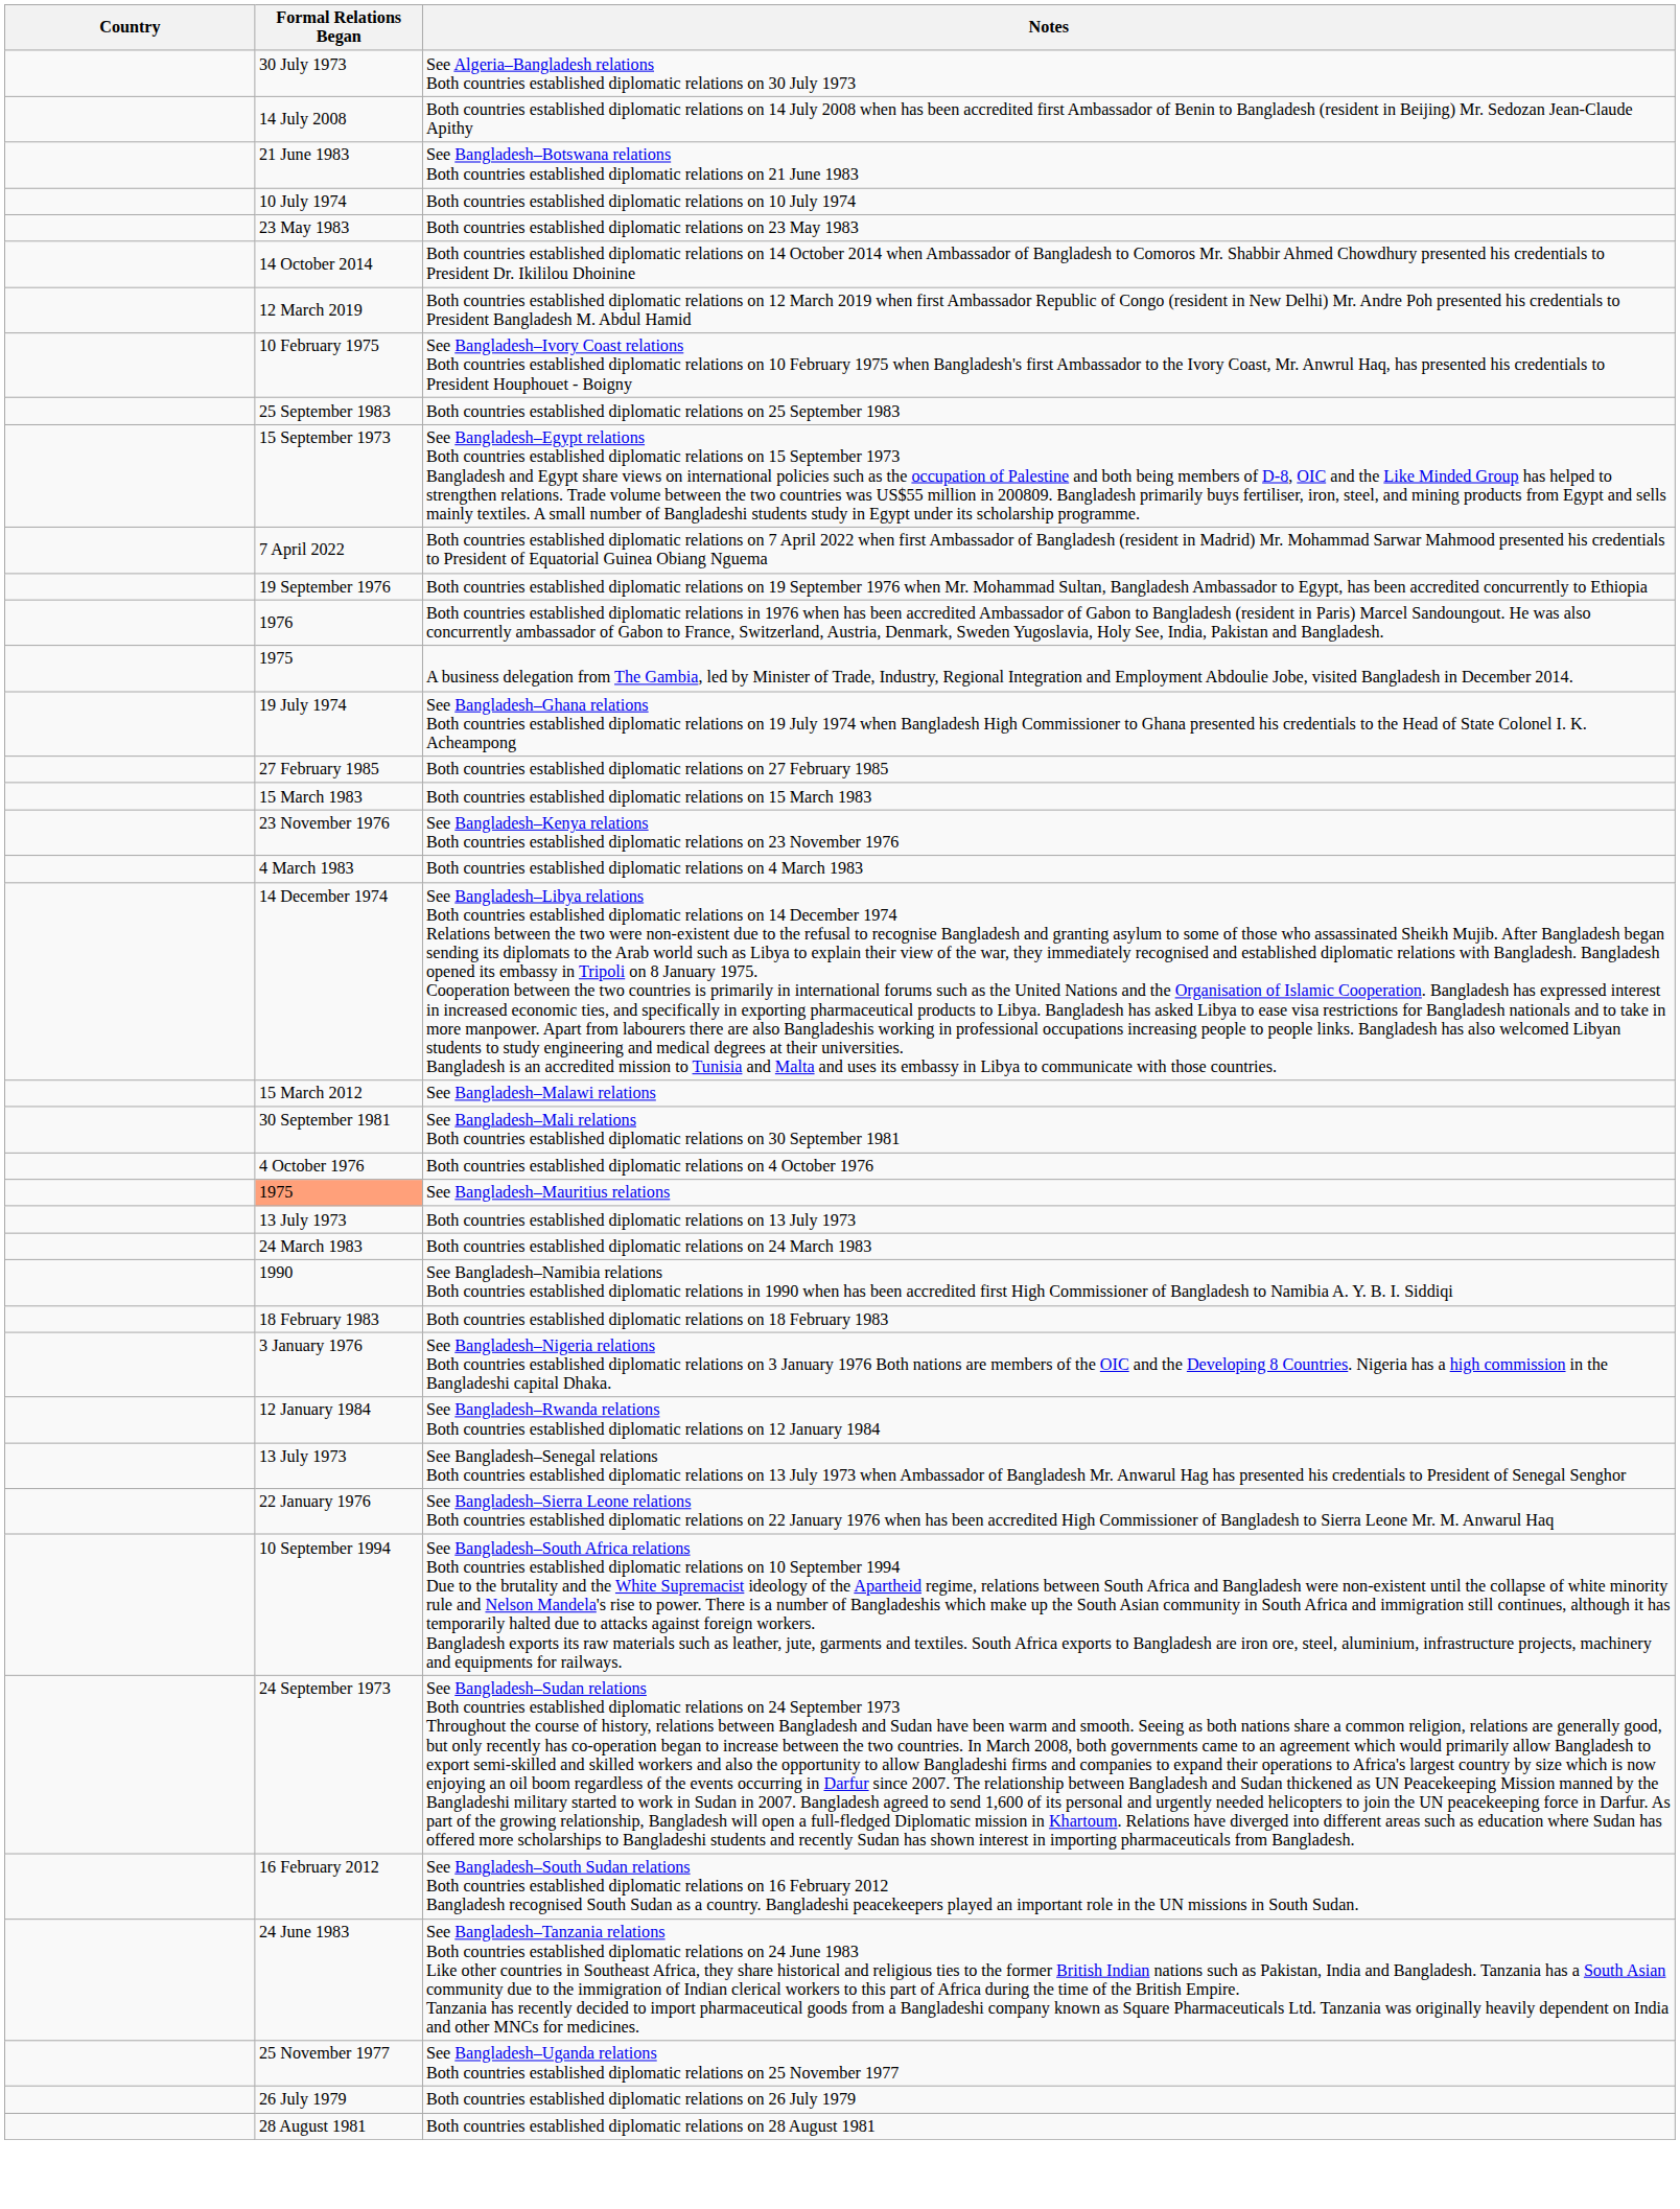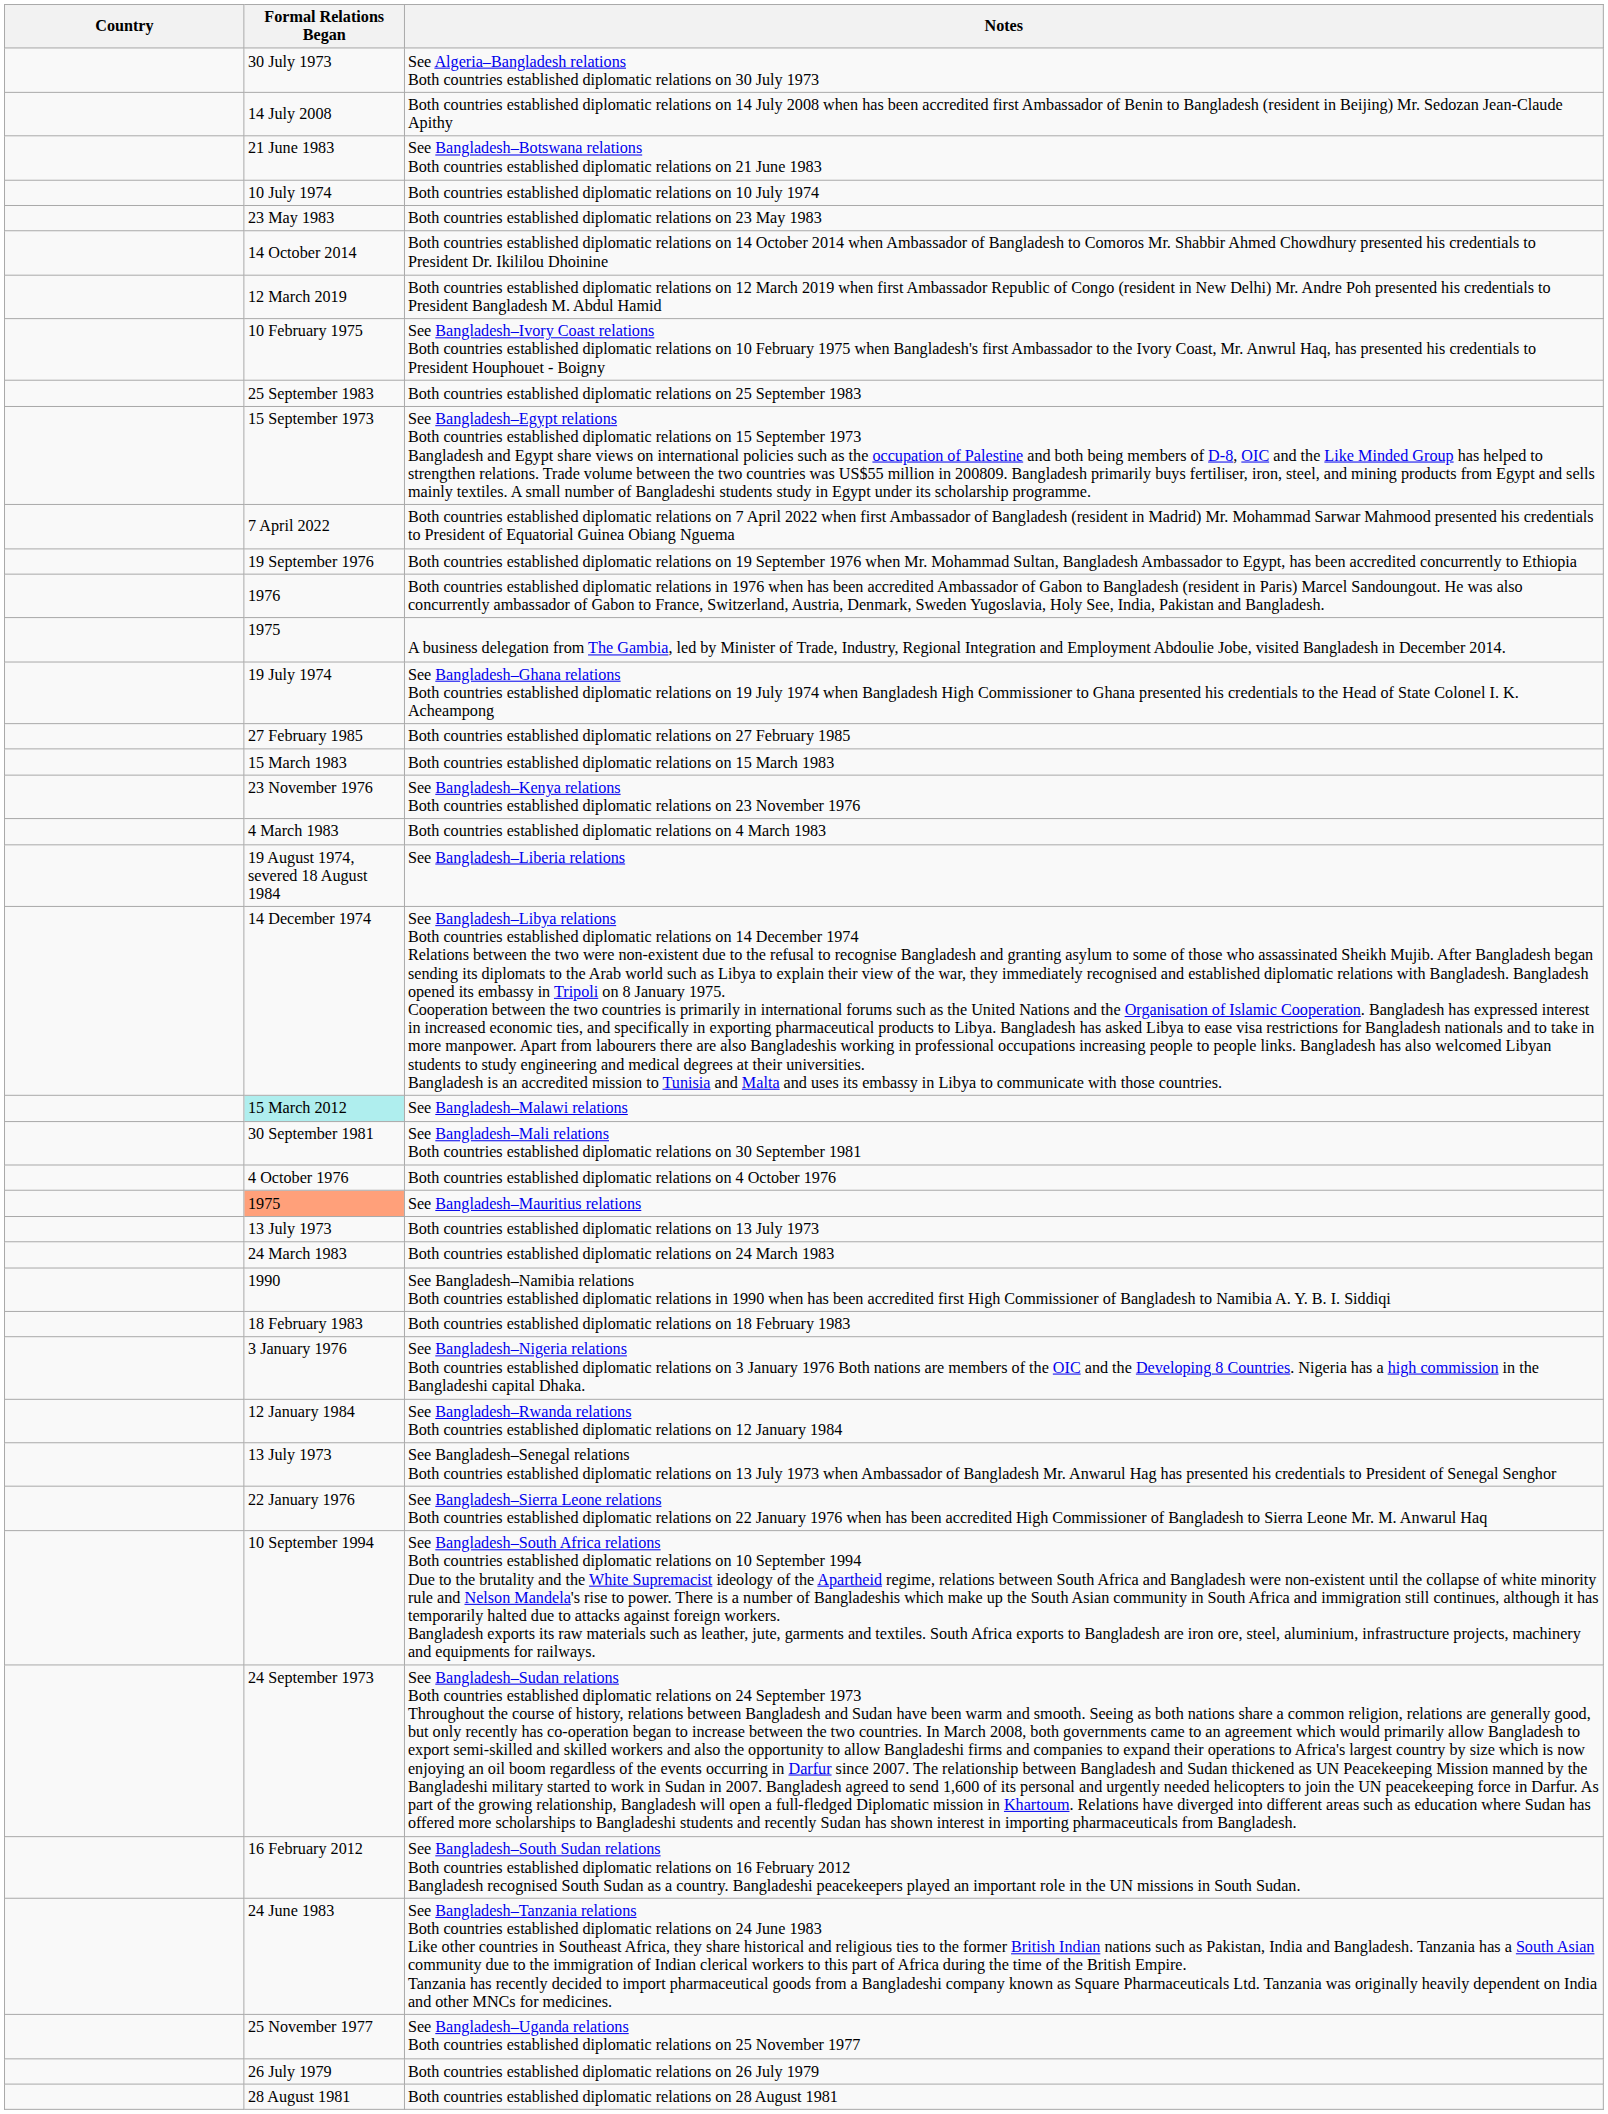 <table class="wikitable sortable" style="width:100%; margin:auto;">
 <tr>
 <th style="width:15%;">Country</th>
 <th style="width:10%;">Formal Relations Began</th>
 <th>Notes</th>
 </tr>
 <tr valign="top">
 <td></td>
 <td>30 July 1973</td>
 <td>See <a href='#'>Algeria–Bangladesh relations</a><br>Both countries established diplomatic relations on 30 July 1973</td>
 </tr>
 <tr>
 <td></td>
 <td>14 July 2008</td>
 <td>Both countries established diplomatic relations on 14 July 2008 when has been accredited first Ambassador of Benin to Bangladesh (resident in Beijing) Mr. Sedozan Jean-Claude Apithy</td>
 </tr>
 <tr valign="top">
 <td></td>
 <td>21 June 1983</td>
 <td>See <a href='#'>Bangladesh–Botswana relations</a><br>Both countries established diplomatic relations on 21 June 1983</td>
 </tr>
 <tr>
 <td></td>
 <td>10 July 1974</td>
 <td>Both countries established diplomatic relations on 10 July 1974</td>
 </tr>
 <tr>
 <td></td>
 <td>23 May 1983</td>
 <td>Both countries established diplomatic relations on 23 May 1983</td>
 </tr>
 <tr>
 <td></td>
 <td>14 October 2014</td>
 <td>Both countries established diplomatic relations on 14 October 2014 when Ambassador of Bangladesh to Comoros Mr. Shabbir Ahmed Chowdhury presented his credentials to President Dr. Ikililou Dhoinine</td>
 </tr>
 <tr>
 <td></td>
 <td>12 March 2019</td>
 <td>Both countries established diplomatic relations on 12 March 2019 when first Ambassador Republic of Congo (resident in New Delhi) Mr. Andre Poh presented his credentials to President Bangladesh M. Abdul Hamid</td>
 </tr>
 <tr valign="top">
 <td></td>
 <td>10 February 1975</td>
 <td>See <a href='#'>Bangladesh–Ivory Coast relations</a><br>Both countries established diplomatic relations on 10 February 1975 when Bangladesh's first Ambassador to the Ivory Coast, Mr. Anwrul Haq, has presented his credentials to President Houphouet - Boigny</td>
 </tr>
 <tr>
 <td></td>
 <td>25 September 1983</td>
 <td>Both countries established diplomatic relations on 25 September 1983</td>
 </tr>
 <tr valign="top">
 <td></td>
 <td>15 September 1973</td>
 <td>See <a href='#'>Bangladesh–Egypt relations</a><br>Both countries established diplomatic relations on 15 September 1973<br>Bangladesh and Egypt share views on international policies such as the <a href='#'>occupation of Palestine</a> and both being members of <a href='#'>D-8</a>, <a href='#'>OIC</a> and the <a href='#'>Like Minded Group</a> has helped to strengthen relations. Trade volume between the two countries was US$55 million in 200809. Bangladesh primarily buys fertiliser, iron, steel, and mining products from Egypt and sells mainly textiles. A small number of Bangladeshi students study in Egypt under its scholarship programme.</td>
 </tr>
 <tr>
 <td></td>
 <td>7 April 2022</td>
 <td>Both countries established diplomatic relations on 7 April 2022 when first Ambassador of Bangladesh (resident in Madrid) Mr. Mohammad Sarwar Mahmood presented his credentials to President of Equatorial Guinea Obiang Nguema</td>
 </tr>
 <tr>
 <td></td>
 <td>19 September 1976</td>
 <td>Both countries established diplomatic relations on 19 September 1976 when Mr. Mohammad Sultan, Bangladesh Ambassador to Egypt, has been accredited concurrently to Ethiopia</td>
 </tr>
 <tr>
 <td></td>
 <td>1976</td>
 <td>Both countries established diplomatic relations in 1976 when has been accredited Ambassador of Gabon to Bangladesh (resident in Paris) Marcel Sandoungout. He was also concurrently ambassador of Gabon to France, Switzerland, Austria, Denmark, Sweden Yugoslavia, Holy See, India, Pakistan and Bangladesh.</td>
 </tr>
 <tr valign="top">
 <td></td>
 <td>1975</td>
 <td><br>A business delegation from <a href='#'>The Gambia</a>, led by Minister of Trade, Industry, Regional Integration and Employment Abdoulie Jobe, visited Bangladesh in December 2014.</td>
 </tr>
 <tr valign="top">
 <td></td>
 <td>19 July 1974</td>
 <td>See <a href='#'>Bangladesh–Ghana relations</a><br>Both countries established diplomatic relations on 19 July 1974 when Bangladesh High Commissioner to Ghana presented his credentials to the Head of State Colonel I. K. Acheampong</td>
 </tr>
 <tr>
 <td></td>
 <td>27 February 1985</td>
 <td>Both countries established diplomatic relations on 27 February 1985</td>
 </tr>
 <tr>
 <td></td>
 <td>15 March 1983</td>
 <td>Both countries established diplomatic relations on 15 March 1983</td>
 </tr>
 <tr valign="top">
 <td></td>
 <td>23 November 1976</td>
 <td>See <a href='#'>Bangladesh–Kenya relations</a><br>Both countries established diplomatic relations on 23 November 1976</td>
 </tr>
 <tr>
 <td></td>
 <td>4 March 1983</td>
 <td>Both countries established diplomatic relations on 4 March 1983</td>
 </tr>
 <tr valign="top">
 <td></td>
+<td>19 August 1974, severed 18 August 1984</td>
+<td>See <a href='#'>Bangladesh–Liberia relations</a></td>
+</tr>
+<tr valign="top">
+<td></td>
 <td>14 December 1974</td>
 <td>See <a href='#'>Bangladesh–Libya relations</a><br>Both countries established diplomatic relations on 14 December 1974<br>Relations between the two were non-existent due to the refusal to recognise Bangladesh and granting asylum to some of those who assassinated Sheikh Mujib. After Bangladesh began sending its diplomats to the Arab world such as Libya to explain their view of the war, they immediately recognised and established diplomatic relations with Bangladesh. Bangladesh opened its embassy in <a href='#'>Tripoli</a> on 8 January 1975.<br>Cooperation between the two countries is primarily in international forums such as the United Nations and the <a href='#'>Organisation of Islamic Cooperation</a>. Bangladesh has expressed interest in increased economic ties, and specifically in exporting pharmaceutical products to Libya. Bangladesh has asked Libya to ease visa restrictions for Bangladesh nationals and to take in more manpower. Apart from labourers there are also Bangladeshis working in professional occupations increasing people to people links. Bangladesh has also welcomed Libyan students to study engineering and medical degrees at their universities.<br>Bangladesh is an accredited mission to <a href='#'>Tunisia</a> and <a href='#'>Malta</a> and uses its embassy in Libya to communicate with those countries.</td>
 </tr>
 <tr valign="top">
 <td></td>
-<td>15 March 2012</td>
+<td style="background: paleturquoise;">15 March 2012</td>
 <td>See <a href='#'>Bangladesh–Malawi relations</a></td>
 </tr>
 <tr valign="top">
 <td></td>
 <td>30 September 1981</td>
 <td>See <a href='#'>Bangladesh–Mali relations</a><br>Both countries established diplomatic relations on 30 September 1981</td>
 </tr>
 <tr>
 <td></td>
 <td>4 October 1976</td>
 <td>Both countries established diplomatic relations on 4 October 1976</td>
 </tr>
 <tr valign="top">
 <td></td>
 <td style="background: lightsalmon;">1975</td>
 <td>See <a href='#'>Bangladesh–Mauritius relations</a></td>
 </tr>
 <tr>
 <td></td>
 <td>13 July 1973</td>
 <td>Both countries established diplomatic relations on 13 July 1973</td>
 </tr>
 <tr>
 <td></td>
 <td>24 March 1983</td>
 <td>Both countries established diplomatic relations on 24 March 1983</td>
 </tr>
 <tr valign="top">
 <td></td>
 <td>1990</td>
 <td>See Bangladesh–Namibia relations<br>Both countries established diplomatic relations in 1990 when has been accredited first High Commissioner of Bangladesh to Namibia A. Y. B. I. Siddiqi</td>
 </tr>
 <tr>
 <td></td>
 <td>18 February 1983</td>
 <td>Both countries established diplomatic relations on 18 February 1983</td>
 </tr>
 <tr valign="top">
 <td></td>
 <td>3 January 1976</td>
 <td>See <a href='#'>Bangladesh–Nigeria relations</a><br>Both countries established diplomatic relations on 3 January 1976                                                                                             Both nations are members of the <a href='#'>OIC</a> and the <a href='#'>Developing 8 Countries</a>. Nigeria has a <a href='#'>high commission</a> in the Bangladeshi capital Dhaka.</td>
 </tr>
 <tr valign="top">
 <td></td>
 <td>12 January 1984</td>
 <td>See <a href='#'>Bangladesh–Rwanda relations</a><br>Both countries established diplomatic relations on 12 January 1984</td>
 </tr>
 <tr valign="top">
 <td></td>
 <td>13 July 1973</td>
 <td>See Bangladesh–Senegal relations<br>Both countries established diplomatic relations on 13 July 1973 when Ambassador of Bangladesh Mr. Anwarul Hag has presented his credentials to President of Senegal Senghor</td>
 </tr>
 <tr valign="top">
 <td></td>
 <td>22 January 1976</td>
 <td>See <a href='#'>Bangladesh–Sierra Leone relations</a><br>Both countries established diplomatic relations on 22 January 1976 when has been accredited High Commissioner of Bangladesh to Sierra Leone Mr. M. Anwarul Haq</td>
 </tr>
 <tr valign="top">
 <td></td>
 <td>10 September 1994</td>
 <td>See <a href='#'>Bangladesh–South Africa relations</a><br>Both countries established diplomatic relations on 10 September 1994<br>Due to the brutality and the <a href='#'>White Supremacist</a> ideology of the <a href='#'>Apartheid</a> regime, relations between South Africa and Bangladesh were non-existent until the collapse of white minority rule and <a href='#'>Nelson Mandela</a>'s rise to power. There is a number of Bangladeshis which make up the South Asian community in South Africa and immigration still continues, although it has temporarily halted due to attacks against foreign workers.<br>Bangladesh exports its raw materials such as leather, jute, garments and textiles. South Africa exports to Bangladesh are iron ore, steel, aluminium, infrastructure projects, machinery and equipments for railways.</td>
 </tr>
 <tr valign="top">
 <td></td>
 <td>24 September 1973</td>
 <td>See <a href='#'>Bangladesh–Sudan relations</a><br>Both countries established diplomatic relations on 24 September 1973<br>Throughout the course of history, relations between Bangladesh and Sudan have been warm and smooth. Seeing as both nations share a common religion, relations are generally good, but only recently has co-operation began to increase between the two countries. In March 2008, both governments came to an agreement which would primarily allow Bangladesh to export semi-skilled and skilled workers and also the opportunity to allow Bangladeshi firms and companies to expand their operations to Africa's largest country by size which is now enjoying an oil boom regardless of the events occurring in <a href='#'>Darfur</a> since 2007. The relationship between Bangladesh and Sudan thickened as UN Peacekeeping Mission manned by the Bangladeshi military started to work in Sudan in 2007. Bangladesh agreed to send 1,600 of its personal and urgently needed helicopters to join the UN peacekeeping force in Darfur. As part of the growing relationship, Bangladesh will open a full-fledged Diplomatic mission in <a href='#'>Khartoum</a>. Relations have diverged into different areas such as education where Sudan has offered more scholarships to Bangladeshi students and recently Sudan has shown interest in importing pharmaceuticals from Bangladesh.</td>
 </tr>
 <tr valign="top">
 <td></td>
 <td>16 February 2012</td>
 <td>See <a href='#'>Bangladesh–South Sudan relations</a><br>Both countries established diplomatic relations on 16 February 2012<br>Bangladesh recognised South Sudan as a country. Bangladeshi peacekeepers played an important role in the UN missions in South Sudan.</td>
 </tr>
 <tr valign="top">
 <td></td>
 <td>24 June 1983</td>
 <td>See <a href='#'>Bangladesh–Tanzania relations</a><br>Both countries established diplomatic relations on 24 June 1983<br>Like other countries in Southeast Africa, they share historical and religious ties to the former <a href='#'>British Indian</a> nations such as Pakistan, India and Bangladesh. Tanzania has a <a href='#'>South Asian</a> community due to the immigration of Indian clerical workers to this part of Africa during the time of the British Empire.<br>Tanzania has recently decided to import pharmaceutical goods from a Bangladeshi company known as Square Pharmaceuticals Ltd. Tanzania was originally heavily dependent on India and other MNCs for medicines.</td>
 </tr>
 <tr valign="top">
 <td></td>
 <td>25 November 1977</td>
 <td>See <a href='#'>Bangladesh–Uganda relations</a><br>Both countries established diplomatic relations on 25 November 1977</td>
 </tr>
 <tr>
 <td></td>
 <td>26 July 1979</td>
 <td>Both countries established diplomatic relations on 26 July 1979</td>
 </tr>
 <tr valign="top">
 <td></td>
 <td>28 August 1981</td>
 <td>Both countries established diplomatic relations on 28 August 1981</td>
 </tr>
 </table>
